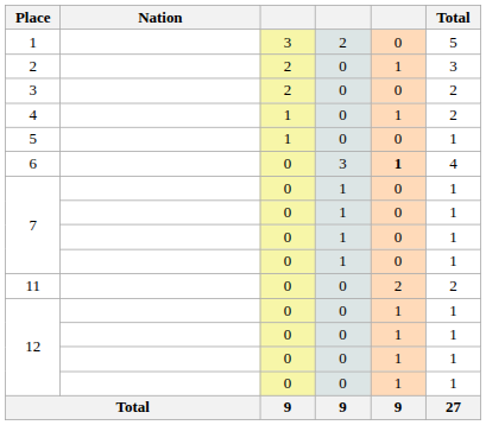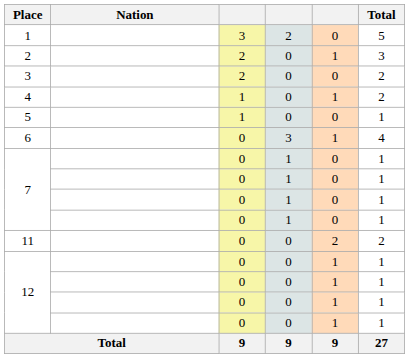 <table class="wikitable" style="border:1px solid #AAAAAA">
 <tr bgcolor="#EFEFEF">
 <th width=50>Place</th>
 <th width=200>Nation</th>
 <th width=50></th>
 <th width=50></th>
 <th width=50></th>
 <th width=50>Total</th>
 </tr>
 <tr align=center bgcolor="#FFFFFF">
 <td>1</td>
 <td align="left"></td>
 <td style="background:#F7F6A8;">3</td>
 <td style="background:#DCE5E5;">2</td>
 <td style="background:#FFDAB9;">0</td>
 <td>5</td>
 </tr>
 <tr align=center bgcolor="#FFFFFF">
 <td>2</td>
 <td align="left"></td>
 <td style="background:#F7F6A8;">2</td>
 <td style="background:#DCE5E5;">0</td>
 <td style="background:#FFDAB9;">1</td>
 <td>3</td>
 </tr>
 <tr align=center bgcolor="#FFFFFF">
 <td>3</td>
 <td align="left"></td>
 <td style="background:#F7F6A8;">2</td>
 <td style="background:#DCE5E5;">0</td>
 <td style="background:#FFDAB9;">0</td>
 <td>2</td>
 </tr>
 <tr align=center bgcolor="#FFFFFF">
 <td>4</td>
 <td align="left"></td>
 <td style="background:#F7F6A8;">1</td>
 <td style="background:#DCE5E5;">0</td>
 <td style="background:#FFDAB9;">1</td>
 <td>2</td>
 </tr>
 <tr align=center bgcolor="#FFFFFF">
 <td>5</td>
 <td align="left"></td>
 <td style="background:#F7F6A8;">1</td>
 <td style="background:#DCE5E5;">0</td>
 <td style="background:#FFDAB9;">0</td>
 <td>1</td>
 </tr>
 <tr align=center bgcolor="#FFFFFF">
 <td>6</td>
 <td align="left"></td>
 <td style="background:#F7F6A8;">0</td>
 <td style="background:#DCE5E5;">3</td>
-<td style="background:#FFDAB9;"><strong>1</strong></td>
+<td style="background:#FFDAB9;">1</td>
 <td>4</td>
 </tr>
 <tr align=center bgcolor="#FFFFFF">
 <td rowspan=4>7</td>
 <td align="left"></td>
 <td style="background:#F7F6A8;">0</td>
 <td style="background:#DCE5E5;">1</td>
 <td style="background:#FFDAB9;">0</td>
 <td>1</td>
 </tr>
 <tr align=center bgcolor="#FFFFFF">
 <td align="left"></td>
 <td style="background:#F7F6A8;">0</td>
 <td style="background:#DCE5E5;">1</td>
 <td style="background:#FFDAB9;">0</td>
 <td>1</td>
 </tr>
 <tr align=center bgcolor="#FFFFFF">
 <td align="left"></td>
 <td style="background:#F7F6A8;">0</td>
 <td style="background:#DCE5E5;">1</td>
 <td style="background:#FFDAB9;">0</td>
 <td>1</td>
 </tr>
 <tr align=center bgcolor="#FFFFFF">
 <td align="left"></td>
 <td style="background:#F7F6A8;">0</td>
 <td style="background:#DCE5E5;">1</td>
 <td style="background:#FFDAB9;">0</td>
 <td>1</td>
 </tr>
 <tr align=center bgcolor="#FFFFFF">
 <td>11</td>
 <td align="left"></td>
 <td style="background:#F7F6A8;">0</td>
 <td style="background:#DCE5E5;">0</td>
 <td style="background:#FFDAB9;">2</td>
 <td>2</td>
 </tr>
 <tr align=center bgcolor="#FFFFFF">
 <td rowspan=4>12</td>
 <td align="left"></td>
 <td style="background:#F7F6A8;">0</td>
 <td style="background:#DCE5E5;">0</td>
 <td style="background:#FFDAB9;">1</td>
 <td>1</td>
 </tr>
 <tr align=center bgcolor="#FFFFFF">
 <td align="left"></td>
 <td style="background:#F7F6A8;">0</td>
 <td style="background:#DCE5E5;">0</td>
 <td style="background:#FFDAB9;">1</td>
 <td>1</td>
 </tr>
 <tr align=center bgcolor="#FFFFFF">
 <td align="left"></td>
 <td style="background:#F7F6A8;">0</td>
 <td style="background:#DCE5E5;">0</td>
 <td style="background:#FFDAB9;">1</td>
 <td>1</td>
 </tr>
 <tr align=center bgcolor="#FFFFFF">
 <td align="left"></td>
 <td style="background:#F7F6A8;">0</td>
 <td style="background:#DCE5E5;">0</td>
 <td style="background:#FFDAB9;">1</td>
 <td>1</td>
 </tr>
 <tr bgcolor="#EFEFEF">
 <th colspan=2>Total</th>
 <th>9</th>
 <th>9</th>
 <th>9</th>
 <th>27</th>
 </tr>
 </table>
